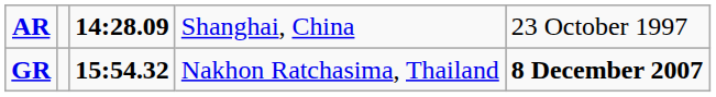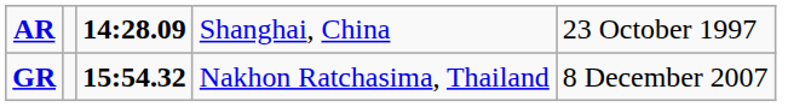 <table class="wikitable" style="font-size:95%; position:relative;">
 <tr>
 <td align=center><strong><a href='#'>AR</a></strong></td>
 <td></td>
 <td><strong>14:28.09</strong></td>
 <td><a href='#'>Shanghai</a>, <a href='#'>China</a></td>
 <td>23 October 1997</td>
 </tr>
 <tr>
 <td align=center><strong><a href='#'>GR</a></strong></td>
 <td></td>
 <td><strong>15:54.32</strong></td>
 <td><a href='#'>Nakhon Ratchasima</a>, <a href='#'>Thailand</a></td>
-<td><strong>8 December 2007</strong></td>
+<td>8 December 2007</td>
 </tr>
 </table>
